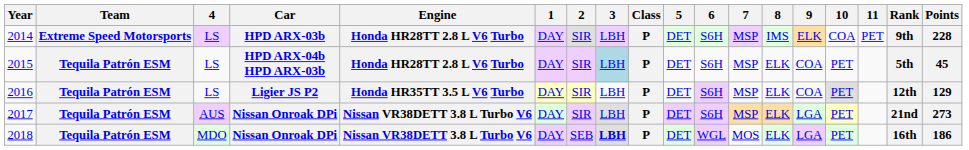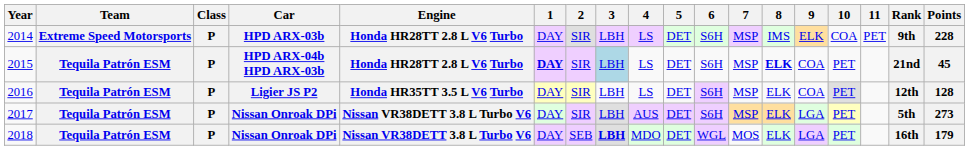 <table class="wikitable" style="text-align:center; font-size:90%">
 <tr>
 <th>Year</th>
 <th>Team</th>
-<th>4</th>
+<th>Class</th>
 <th>Car</th>
 <th>Engine</th>
 <th>1</th>
 <th>2</th>
 <th>3</th>
-<th>Class</th>
+<th>4</th>
 <th>5</th>
 <th>6</th>
 <th>7</th>
 <th>8</th>
 <th>9</th>
 <th>10</th>
 <th>11</th>
 <th>Rank</th>
 <th>Points</th>
 </tr>
 <tr>
 <td><a href='#'>2014</a></td>
 <th><a href='#'>Extreme Speed Motorsports</a></th>
-<td style="background:#efcfff;"><a href='#'>LS</a><br></td>
+<th>P</th>
 <th><a href='#'>HPD ARX-03b</a></th>
 <th><a href='#'>Honda</a> HR28TT 2.8 L <a href='#'>V6</a> <a href='#'>Turbo</a></th>
 <td style="background:#efcfff;"><a href='#'>DAY</a><br></td>
 <td style="background:#dfdfdf;"><a href='#'>SIR</a><br></td>
 <td style="background:#efcfff;"><a href='#'>LBH</a><br></td>
-<th>P</th>
+<td style="background:#efcfff;"><a href='#'>LS</a><br></td>
 <td style="background:#dfffdf;"><a href='#'>DET</a><br></td>
 <td style="background:#DFFFDF;"><a href='#'>S6H</a><br></td>
 <td style="background:#efcfff;"><a href='#'>MSP</a><br></td>
 <td style="background:#dfffdf;"><a href='#'>IMS</a><br></td>
 <td style="background:#ffdf9f;"><a href='#'>ELK</a><br></td>
 <td><a href='#'>COA</a><br></td>
 <td><a href='#'>PET</a></td>
 <th>9th</th>
 <th>228</th>
 </tr>
 <tr>
 <td><a href='#'>2015</a></td>
 <th><a href='#'>Tequila Patrón ESM</a></th>
-<td><a href='#'>LS</a></td>
+<th>P</th>
 <th><a href='#'>HPD ARX-04b</a> <small></small><br><a href='#'>HPD ARX-03b</a> <small></small></th>
 <th><a href='#'>Honda</a> HR28TT 2.8 L <a href='#'>V6</a> <a href='#'>Turbo</a></th>
-<td style="background:#EFCFFF;"><a href='#'>DAY</a><br></td>
+<td style="background:#EFCFFF;"><strong><a href='#'>DAY</a><br></strong></td>
 <td style="background:#EFCFFF;"><a href='#'>SIR</a><br></td>
 <td style="background: lightblue;"><a href='#'>LBH</a></td>
-<th>P</th>
+<td><a href='#'>LS</a></td>
 <td><a href='#'>DET</a></td>
 <td><a href='#'>S6H</a></td>
 <td><a href='#'>MSP</a></td>
-<td><a href='#'>ELK</a></td>
+<td><strong><a href='#'>ELK</a></strong></td>
 <td><a href='#'>COA</a></td>
 <td><a href='#'>PET</a></td>
 <td></td>
-<th>5th</th>
+<th>21nd</th>
 <th>45</th>
 </tr>
 <tr>
 <td><a href='#'>2016</a></td>
 <th><a href='#'>Tequila Patrón ESM</a></th>
-<td><a href='#'>LS</a></td>
+<th>P</th>
 <th><a href='#'>Ligier JS P2</a></th>
 <th><a href='#'>Honda</a> HR35TT 3.5 L <a href='#'>V6</a> <a href='#'>Turbo</a></th>
 <td style="background:#FFFFBF;"><a href='#'>DAY</a><br></td>
 <td style="background:#FFFFBF;"><a href='#'>SIR</a><br></td>
 <td><a href='#'>LBH</a></td>
-<th>P</th>
+<td><a href='#'>LS</a></td>
 <td><a href='#'>DET</a></td>
 <td style="background:#EFCFFF;"><a href='#'>S6H</a><br></td>
 <td><a href='#'>MSP</a></td>
 <td><a href='#'>ELK</a><br></td>
 <td><a href='#'>COA</a><br></td>
 <td style="background:#dfdfdf;"><a href='#'>PET</a><br></td>
 <td></td>
 <th>12th</th>
-<th>129</th>
+<th>128</th>
 </tr>
 <tr>
 <td><a href='#'>2017</a></td>
 <th><a href='#'>Tequila Patrón ESM</a></th>
-<td style="background:#EFCFFF;"><a href='#'>AUS</a><br></td>
+<th>P</th>
 <th><a href='#'>Nissan Onroak DPi</a></th>
 <th><a href='#'>Nissan</a> VR38DETT 3.8 L Turbo <a href='#'>V6</a></th>
 <td style="background:#dfffdf;"><a href='#'>DAY</a><br></td>
 <td style="background:#EFCFFF;"><a href='#'>SIR</a><br></td>
 <td style="background:#DFDFDF;"><a href='#'>LBH</a><br></td>
-<th>P</th>
+<td style="background:#EFCFFF;"><a href='#'>AUS</a><br></td>
 <td style="background:#EFCFFF;"><a href='#'>DET</a><br></td>
 <td style="background:#EFCFFF;"><a href='#'>S6H</a><br></td>
 <td style="background:#ffdf9f;"><a href='#'>MSP</a><br></td>
 <td style="background:#ffdf9f;"><a href='#'>ELK</a><br></td>
 <td style="background:#dfffdf;"><a href='#'>LGA</a><br></td>
 <td style="background:#FFFFBF;"><a href='#'>PET</a><br></td>
 <td></td>
-<th>21nd</th>
+<th>5th</th>
 <th>273</th>
 </tr>
 <tr>
 <td><a href='#'>2018</a></td>
 <th><a href='#'>Tequila Patrón ESM</a></th>
-<td style="background:#dfffdf;"><a href='#'>MDO</a><br></td>
+<th>P</th>
 <th><a href='#'>Nissan Onroak DPi</a></th>
 <th><a href='#'>Nissan VR38DETT</a> 3.8 L <a href='#'>Turbo</a> <a href='#'>V6</a></th>
 <td style="background:#EFCFFF;"><a href='#'>DAY</a><br></td>
 <td style="background:#EFCFFF;"><a href='#'>SEB</a><br></td>
 <td style="background:#dfdfdf;"><strong><a href='#'>LBH</a><br></strong></td>
-<th>P</th>
+<td style="background:#dfffdf;"><a href='#'>MDO</a><br></td>
 <td style="background:#dfffdf;"><a href='#'>DET</a><br></td>
 <td style="background:#EFCFFF;"><a href='#'>WGL</a><br></td>
 <td><a href='#'>MOS</a><br></td>
 <td style="background:#dfffdf;"><a href='#'>ELK</a><br></td>
 <td style="background:#EFCFFF;"><a href='#'>LGA</a><br></td>
 <td style="background:#dfffdf;"><a href='#'>PET</a><br></td>
 <td></td>
 <th>16th</th>
-<th>186</th>
+<th>179</th>
 </tr>
 </table>
